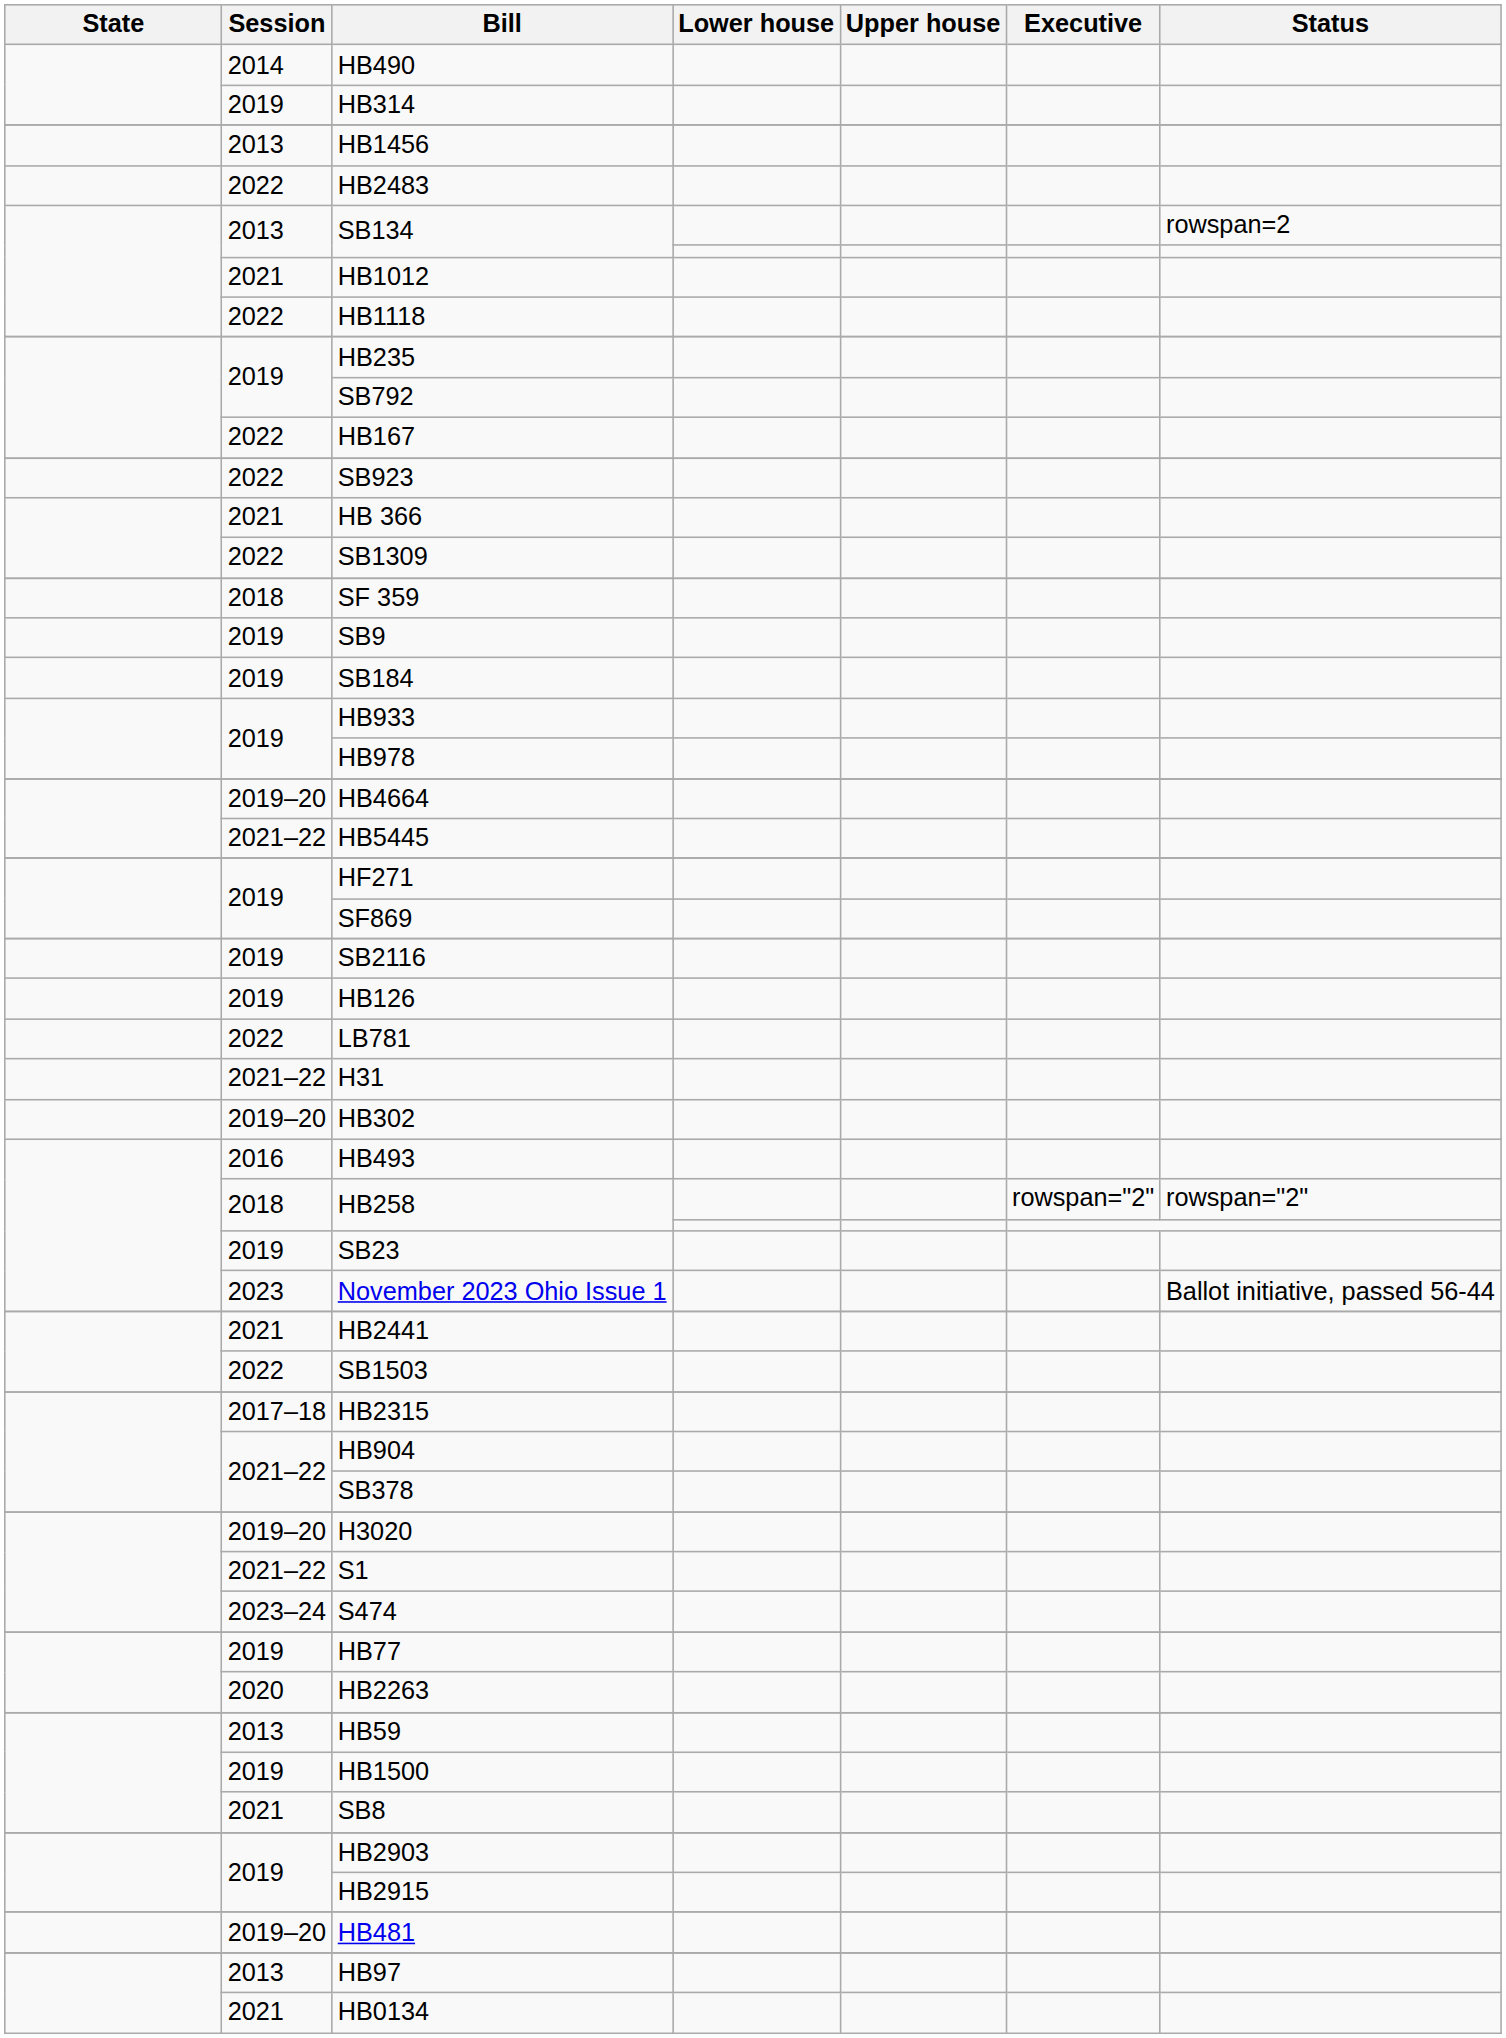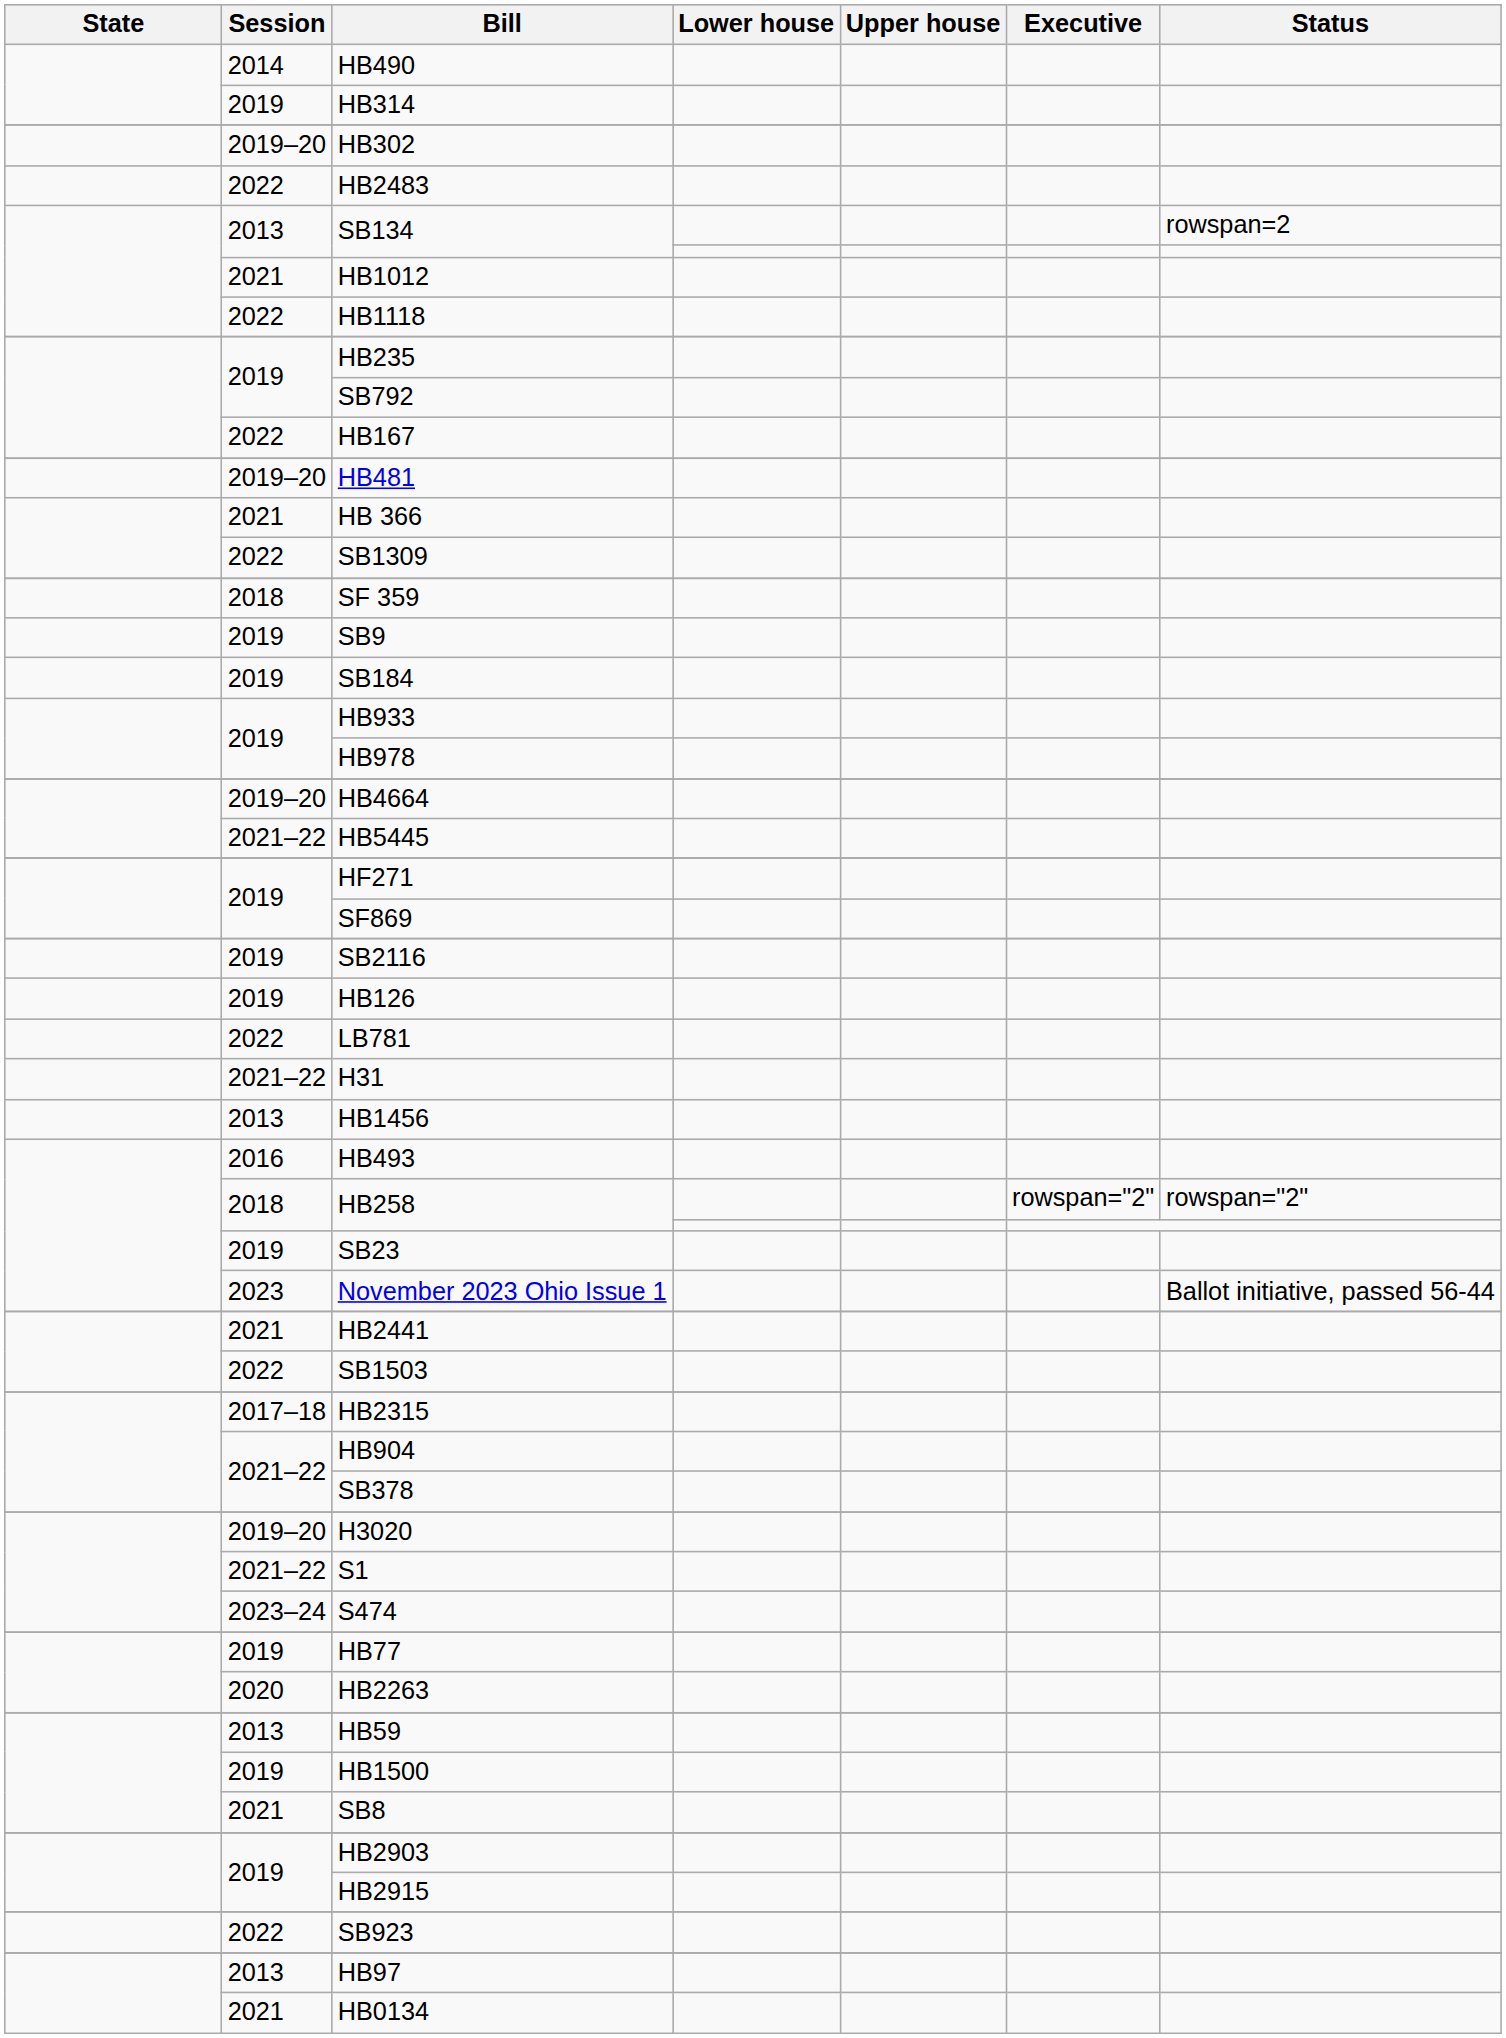 <table class="wikitable sortable">
 <tr>
 <th style="width:130px">State</th>
 <th>Session</th>
 <th class="unsortable">Bill</th>
 <th class="unsortable">Lower house</th>
 <th class="unsortable">Upper house</th>
 <th class="unsortable">Executive</th>
 <th>Status</th>
 </tr>
 <tr>
 <td rowspan="2"></td>
 <td>2014</td>
 <td>HB490</td>
 <td></td>
 <td></td>
 <td></td>
 <td></td>
 </tr>
 <tr>
 <td>2019</td>
 <td>HB314</td>
 <td></td>
 <td></td>
 <td></td>
 <td></td>
 </tr>
 <tr>
 </tr>
 <tr>
 <td></td>
-<td>2013</td>
-<td>HB1456</td>
+<td>2019–20</td>
+<td>HB302</td>
 <td></td>
 <td></td>
 <td></td>
 <td></td>
 </tr>
 <tr>
 <td></td>
 <td>2022</td>
 <td>HB2483</td>
 <td></td>
 <td></td>
 <td></td>
 <td></td>
 </tr>
 <tr>
 <td rowspan="4"></td>
 <td rowspan="2">2013</td>
 <td rowspan="2">SB134</td>
 <td></td>
 <td></td>
 <td></td>
 <td>rowspan=2 </td>
 </tr>
 <tr>
 <td></td>
 <td></td>
 <td></td>
 </tr>
 <tr>
 <td>2021</td>
 <td>HB1012</td>
 <td></td>
 <td></td>
 <td></td>
 <td></td>
 </tr>
 <tr>
 <td>2022</td>
 <td>HB1118</td>
 <td></td>
 <td></td>
 <td></td>
 <td></td>
 </tr>
 <tr>
 </tr>
 <tr>
 <td rowspan="3"></td>
 <td rowspan="2">2019</td>
 <td>HB235</td>
 <td></td>
 <td></td>
 <td></td>
 <td></td>
 </tr>
 <tr>
 <td>SB792</td>
 <td></td>
 <td></td>
 <td></td>
 <td></td>
 </tr>
 <tr>
 <td>2022</td>
 <td>HB167</td>
 <td></td>
 <td></td>
 <td></td>
 <td></td>
 </tr>
 <tr>
 </tr>
 <tr>
 <td></td>
-<td>2022</td>
-<td>SB923</td>
+<td>2019–20</td>
+<td><a href='#'>HB481</a></td>
 <td></td>
 <td></td>
 <td></td>
 <td></td>
 </tr>
 <tr>
 <td rowspan="2"></td>
 <td>2021</td>
 <td>HB 366</td>
 <td></td>
 <td></td>
 <td></td>
 <td></td>
 </tr>
 <tr>
 <td>2022</td>
 <td>SB1309</td>
 <td></td>
 <td></td>
 <td></td>
 <td></td>
 </tr>
 <tr>
 </tr>
 <tr>
 <td></td>
 <td>2018</td>
 <td>SF 359</td>
 <td></td>
 <td></td>
 <td></td>
 <td></td>
 </tr>
 <tr>
 <td></td>
 <td>2019</td>
 <td>SB9</td>
 <td></td>
 <td></td>
 <td></td>
 <td></td>
 </tr>
 <tr>
 <td></td>
 <td>2019</td>
 <td>SB184</td>
 <td></td>
 <td></td>
 <td></td>
 <td></td>
 </tr>
 <tr>
 <td rowspan="2"></td>
 <td rowspan="2">2019</td>
 <td>HB933</td>
 <td></td>
 <td></td>
 <td></td>
 <td></td>
 </tr>
 <tr>
 <td>HB978</td>
 <td></td>
 <td></td>
 <td></td>
 <td></td>
 </tr>
 <tr>
 </tr>
 <tr>
 <td rowspan="2"></td>
 <td>2019–20</td>
 <td>HB4664</td>
 <td></td>
 <td></td>
 <td></td>
 <td></td>
 </tr>
 <tr>
 <td>2021–22</td>
 <td>HB5445</td>
 <td></td>
 <td></td>
 <td></td>
 <td></td>
 </tr>
 <tr>
 </tr>
 <tr>
 <td rowspan="2"></td>
 <td rowspan="2">2019</td>
 <td>HF271</td>
 <td></td>
 <td></td>
 <td></td>
 <td></td>
 </tr>
 <tr>
 <td>SF869</td>
 <td></td>
 <td></td>
 <td></td>
 <td></td>
 </tr>
 <tr>
 </tr>
 <tr>
 <td></td>
 <td>2019</td>
 <td>SB2116</td>
 <td></td>
 <td></td>
 <td></td>
 <td></td>
 </tr>
 <tr>
 <td></td>
 <td>2019</td>
 <td>HB126</td>
 <td></td>
 <td></td>
 <td></td>
 <td></td>
 </tr>
 <tr>
 <td></td>
 <td>2022</td>
 <td>LB781</td>
 <td></td>
 <td></td>
 <td></td>
 <td></td>
 </tr>
 <tr>
 <td></td>
 <td>2021–22</td>
 <td>H31</td>
 <td></td>
 <td></td>
 <td></td>
 <td></td>
 </tr>
 <tr>
 <td></td>
-<td>2019–20</td>
-<td>HB302</td>
+<td>2013</td>
+<td>HB1456</td>
 <td></td>
 <td></td>
 <td></td>
 <td></td>
 </tr>
 <tr>
 <td rowspan="5"></td>
 <td>2016</td>
 <td>HB493</td>
 <td></td>
 <td></td>
 <td></td>
 <td></td>
 </tr>
 <tr>
 <td rowspan="2">2018</td>
 <td rowspan="2">HB258</td>
 <td></td>
 <td></td>
 <td>rowspan="2" </td>
 <td>rowspan="2" </td>
 </tr>
 <tr>
 <td></td>
 <td></td>
 </tr>
 <tr>
 <td>2019</td>
 <td>SB23</td>
 <td></td>
 <td></td>
 <td></td>
 <td></td>
 </tr>
 <tr>
 <td>2023</td>
 <td><a href='#'>November 2023 Ohio Issue 1</a></td>
 <td></td>
 <td></td>
 <td></td>
 <td>Ballot initiative, passed 56-44</td>
 </tr>
 <tr>
 </tr>
 <tr>
 <td rowspan="2"></td>
 <td>2021</td>
 <td>HB2441</td>
 <td></td>
 <td></td>
 <td></td>
 <td></td>
 </tr>
 <tr>
 <td>2022</td>
 <td>SB1503</td>
 <td></td>
 <td></td>
 <td></td>
 <td></td>
 </tr>
 <tr>
 </tr>
 <tr>
 <td rowspan="3"></td>
 <td>2017–18</td>
 <td>HB2315</td>
 <td></td>
 <td></td>
 <td></td>
 <td></td>
 </tr>
 <tr>
 <td rowspan="2">2021–22</td>
 <td>HB904</td>
 <td></td>
 <td></td>
 <td></td>
 <td></td>
 </tr>
 <tr>
 <td>SB378</td>
 <td></td>
 <td></td>
 <td></td>
 <td></td>
 </tr>
 <tr>
 </tr>
 <tr>
 <td rowspan="3"></td>
 <td>2019–20</td>
 <td>H3020</td>
 <td></td>
 <td></td>
 <td></td>
 <td></td>
 </tr>
 <tr>
 <td>2021–22</td>
 <td>S1</td>
 <td></td>
 <td></td>
 <td></td>
 <td></td>
 </tr>
 <tr>
 <td>2023–24</td>
 <td>S474</td>
 <td></td>
 <td></td>
 <td></td>
 <td></td>
 </tr>
 <tr>
 </tr>
 <tr>
 <td rowspan="2"></td>
 <td>2019</td>
 <td>HB77</td>
 <td></td>
 <td></td>
 <td></td>
 <td></td>
 </tr>
 <tr>
 <td>2020</td>
 <td>HB2263</td>
 <td></td>
 <td></td>
 <td></td>
 <td></td>
 </tr>
 <tr>
 </tr>
 <tr>
 <td rowspan="3"></td>
 <td>2013</td>
 <td>HB59</td>
 <td></td>
 <td></td>
 <td></td>
 <td></td>
 </tr>
 <tr>
 <td>2019</td>
 <td>HB1500</td>
 <td></td>
 <td></td>
 <td></td>
 <td></td>
 </tr>
 <tr>
 <td>2021</td>
 <td>SB8</td>
 <td></td>
 <td></td>
 <td></td>
 <td></td>
 </tr>
 <tr>
 </tr>
 <tr>
 <td rowspan="2"></td>
 <td rowspan="2">2019</td>
 <td>HB2903</td>
 <td></td>
 <td></td>
 <td></td>
 <td></td>
 </tr>
 <tr>
 <td>HB2915</td>
 <td></td>
 <td></td>
 <td></td>
 <td></td>
 </tr>
 <tr>
 </tr>
 <tr>
 <td></td>
-<td>2019–20</td>
-<td><a href='#'>HB481</a></td>
+<td>2022</td>
+<td>SB923</td>
 <td></td>
 <td></td>
 <td></td>
 <td></td>
 </tr>
 <tr>
 </tr>
 <tr>
 <td rowspan="2"></td>
 <td>2013</td>
 <td>HB97</td>
 <td></td>
 <td></td>
 <td></td>
 <td></td>
 </tr>
 <tr>
 <td>2021</td>
 <td>HB0134</td>
 <td></td>
 <td></td>
 <td></td>
 <td></td>
 </tr>
 <tr>
 </tr>
 <tr>
 </tr>
 </table>
